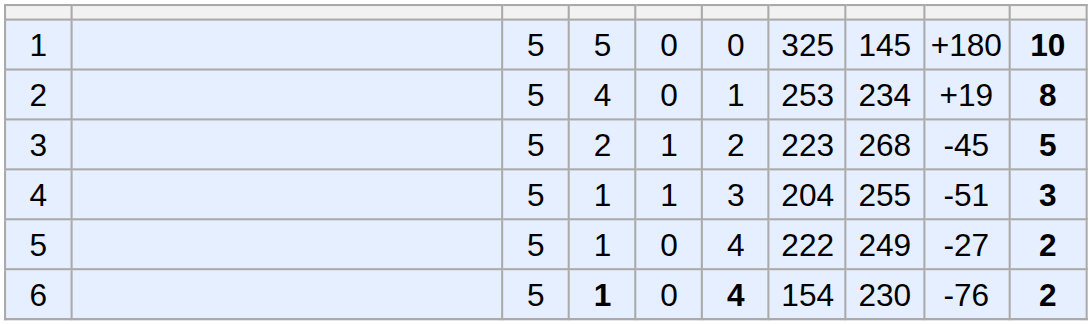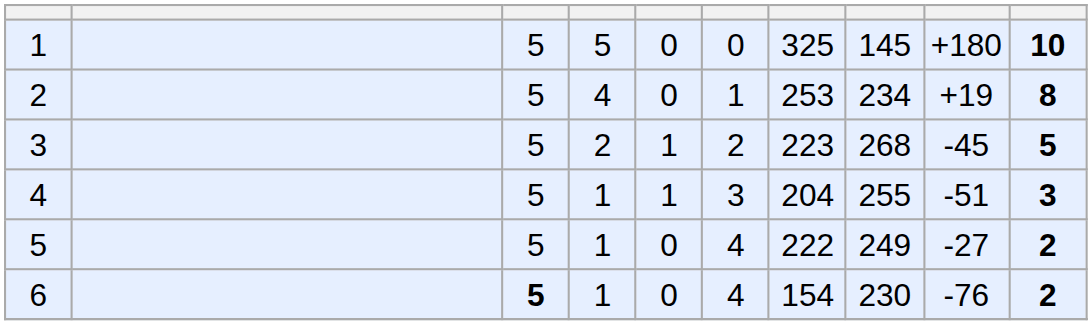 <table class="wikitable" style="text-align:center; font-size:95%">
 <tr>
 <th width="25"></th>
 <th width="200"></th>
 <th width="25"></th>
 <th width="25"></th>
 <th width="25"></th>
 <th width="25"></th>
 <th width="30"></th>
 <th width="30"></th>
 <th width="30"></th>
 <th width="30"></th>
 </tr>
 <tr style="background:#e6efff">
 <td>1</td>
 <td style="text-align:left"></td>
 <td>5</td>
 <td>5</td>
 <td>0</td>
 <td>0</td>
 <td>325</td>
 <td>145</td>
 <td>+180</td>
 <td><strong>10</strong></td>
 </tr>
 <tr style="background:#e6efff">
 <td>2</td>
 <td style="text-align:left"></td>
 <td>5</td>
 <td>4</td>
 <td>0</td>
 <td>1</td>
 <td>253</td>
 <td>234</td>
 <td>+19</td>
 <td><strong>8</strong></td>
 </tr>
 <tr style="background:#e6efff">
 <td>3</td>
 <td style="text-align:left"></td>
 <td>5</td>
 <td>2</td>
 <td>1</td>
 <td>2</td>
 <td>223</td>
 <td>268</td>
 <td>-45</td>
 <td><strong>5</strong></td>
 </tr>
 <tr style="background:#e6efff">
 <td>4</td>
 <td style="text-align:left"></td>
 <td>5</td>
 <td>1</td>
 <td>1</td>
 <td>3</td>
 <td>204</td>
 <td>255</td>
 <td>-51</td>
 <td><strong>3</strong></td>
 </tr>
 <tr style="background:#e6efff">
 <td>5</td>
 <td style="text-align:left"></td>
 <td>5</td>
 <td>1</td>
 <td>0</td>
 <td>4</td>
 <td>222</td>
 <td>249</td>
 <td>-27</td>
 <td><strong>2</strong></td>
 </tr>
 <tr style="background:#e6efff">
 <td>6</td>
 <td style="text-align:left"></td>
-<td>5</td>
-<td><strong>1</strong></td>
+<td><strong>5</strong></td>
+<td>1</td>
 <td>0</td>
-<td><strong>4</strong></td>
+<td>4</td>
 <td>154</td>
 <td>230</td>
 <td>-76</td>
 <td><strong>2</strong></td>
 </tr>
 <tr>
 </tr>
 </table>
